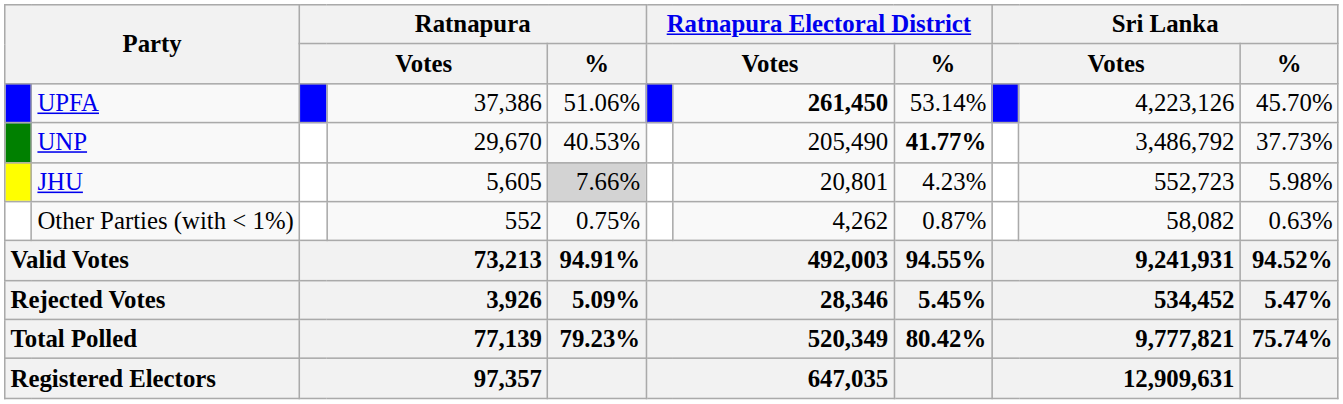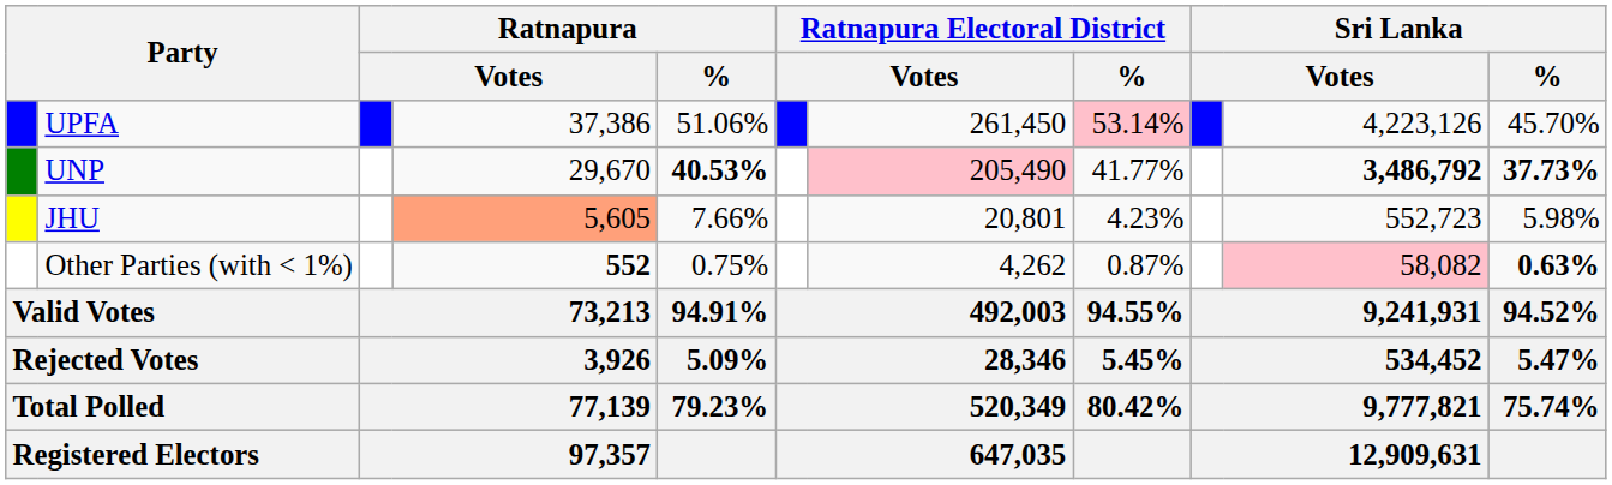 <table class="wikitable">
 <tr>
 <th colspan="2" width="144px"rowspan="2">Party</th>
 <th colspan="3" width="216px">Ratnapura</th>
 <th colspan="3" width="216px"><a href='#'>Ratnapura Electoral District</a></th>
 <th colspan="3" width="216px">Sri Lanka</th>
 </tr>
 <tr>
 <th colspan="2" width="144px">Votes</th>
 <th>%</th>
 <th colspan="2" width="144px">Votes</th>
 <th>%</th>
 <th colspan="2" width="144px">Votes</th>
 <th>%</th>
 </tr>
 <tr>
 <td style="background-color:blue;" width="10px"></td>
 <td style="text-align:left;"><a href='#'>UPFA</a></td>
 <td style="background-color:blue;" width="10px"></td>
 <td style="text-align:right;">37,386</td>
 <td style="text-align:right;">51.06%</td>
 <td style="background-color:blue;" width="10px"></td>
-<td style="text-align:right;"><strong>261,450</strong></td>
-<td style="text-align:right;">53.14%</td>
+<td style="text-align:right;">261,450</td>
+<td style="background: pink; text-align:right;">53.14%</td>
 <td style="background-color:blue;" width="10px"></td>
 <td style="text-align:right;">4,223,126</td>
 <td style="text-align:right;">45.70%</td>
 </tr>
 <tr>
 <td style="background-color:green;" width="10px"></td>
 <td style="text-align:left;"><a href='#'>UNP</a></td>
 <td style="background-color:white;" width="10px"></td>
 <td style="text-align:right;">29,670</td>
-<td style="text-align:right;">40.53%</td>
+<td style="text-align:right;"><strong>40.53%</strong></td>
 <td style="background-color:white;" width="10px"></td>
-<td style="text-align:right;">205,490</td>
-<td style="text-align:right;"><strong>41.77%</strong></td>
+<td style="background: pink; text-align:right;">205,490</td>
+<td style="text-align:right;">41.77%</td>
 <td style="background-color:white;" width="10px"></td>
-<td style="text-align:right;">3,486,792</td>
-<td style="text-align:right;">37.73%</td>
+<td style="text-align:right;"><strong>3,486,792</strong></td>
+<td style="text-align:right;"><strong>37.73%</strong></td>
 </tr>
 <tr>
 <td style="background-color:yellow;" width="10px"></td>
 <td style="text-align:left;"><a href='#'>JHU</a></td>
 <td style="background-color:white;" width="10px"></td>
-<td style="text-align:right;">5,605</td>
-<td style="background: lightgrey; text-align:right;">7.66%</td>
+<td style="background: lightsalmon; text-align:right;">5,605</td>
+<td style="text-align:right;">7.66%</td>
 <td style="background-color:white;" width="10px"></td>
 <td style="text-align:right;">20,801</td>
 <td style="text-align:right;">4.23%</td>
 <td style="background-color:white;" width="10px"></td>
 <td style="text-align:right;">552,723</td>
 <td style="text-align:right;">5.98%</td>
 </tr>
 <tr>
 <td style="background-color:white;" width="10px"></td>
 <td style="text-align:left;">Other Parties (with < 1%)</td>
 <td style="background-color:white;" width="10px"></td>
-<td style="text-align:right;">552</td>
+<td style="text-align:right;"><strong>552</strong></td>
 <td style="text-align:right;">0.75%</td>
 <td style="background-color:white;" width="10px"></td>
 <td style="text-align:right;">4,262</td>
 <td style="text-align:right;">0.87%</td>
 <td style="background-color:white;" width="10px"></td>
-<td style="text-align:right;">58,082</td>
-<td style="text-align:right;">0.63%</td>
+<td style="background: pink; text-align:right;">58,082</td>
+<td style="text-align:right;"><strong>0.63%</strong></td>
 </tr>
 <tr>
 <th colspan="2" width="144px"style="text-align:left;">Valid Votes</th>
 <th style="text-align:right;"colspan="2" width="144px">73,213</th>
 <th style="text-align:right;">94.91%</th>
 <th style="text-align:right;"colspan="2" width="144px">492,003</th>
 <th style="text-align:right;">94.55%</th>
 <th style="text-align:right;"colspan="2" width="144px">9,241,931</th>
 <th style="text-align:right;">94.52%</th>
 </tr>
 <tr>
 <th colspan="2" width="144px"style="text-align:left;">Rejected Votes</th>
 <th style="text-align:right;"colspan="2" width="144px">3,926</th>
 <th style="text-align:right;">5.09%</th>
 <th style="text-align:right;"colspan="2" width="144px">28,346</th>
 <th style="text-align:right;">5.45%</th>
 <th style="text-align:right;"colspan="2" width="144px">534,452</th>
 <th style="text-align:right;">5.47%</th>
 </tr>
 <tr>
 <th colspan="2" width="144px"style="text-align:left;">Total Polled</th>
 <th style="text-align:right;"colspan="2" width="144px">77,139</th>
 <th style="text-align:right;">79.23%</th>
 <th style="text-align:right;"colspan="2" width="144px">520,349</th>
 <th style="text-align:right;">80.42%</th>
 <th style="text-align:right;"colspan="2" width="144px">9,777,821</th>
 <th style="text-align:right;">75.74%</th>
 </tr>
 <tr>
 <th colspan="2" width="144px"style="text-align:left;">Registered Electors</th>
 <th style="text-align:right;"colspan="2" width="144px">97,357</th>
 <th></th>
 <th style="text-align:right;"colspan="2" width="144px">647,035</th>
 <th></th>
 <th style="text-align:right;"colspan="2" width="144px">12,909,631</th>
 <th></th>
 </tr>
 </table>
